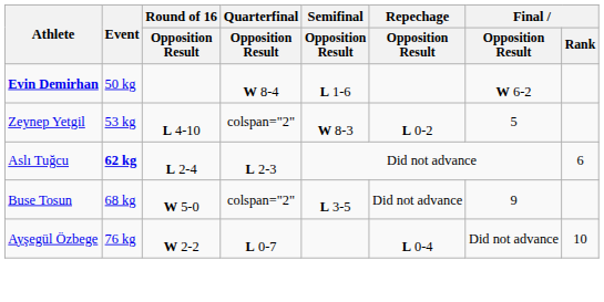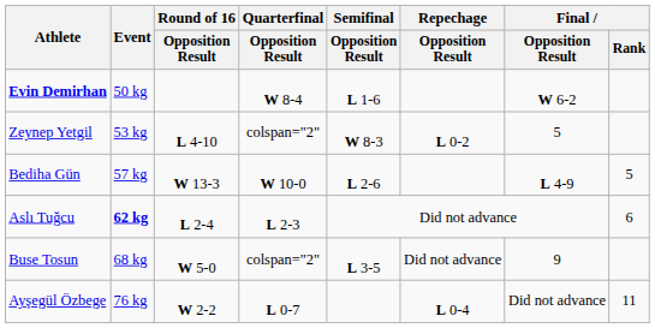 <table class="wikitable" style="font-size:90%">
 <tr>
 <th rowspan="2">Athlete</th>
 <th rowspan="2">Event</th>
 <th>Round of 16</th>
 <th>Quarterfinal</th>
 <th>Semifinal</th>
 <th>Repechage</th>
 <th colspan=2>Final / </th>
 </tr>
 <tr style="font-size: 95%">
 <th>Opposition<br>Result</th>
 <th>Opposition<br>Result</th>
 <th>Opposition<br>Result</th>
 <th>Opposition<br>Result</th>
 <th>Opposition<br>Result</th>
 <th>Rank</th>
 </tr>
 <tr align=center>
 <td align=left><strong><a href='#'>Evin Demirhan</a></strong></td>
 <td align=left><a href='#'>50 kg</a></td>
 <td></td>
 <td><br><strong>W</strong> 8-4</td>
 <td><br><strong>L</strong> 1-6</td>
 <td></td>
 <td><br><strong>W</strong> 6-2</td>
 <td></td>
 </tr>
 <tr align=center>
 <td align=left><a href='#'>Zeynep Yetgil</a></td>
 <td align=left><a href='#'>53 kg</a></td>
 <td><br><strong>L</strong> 4-10</td>
 <td>colspan="2" </td>
 <td><br><strong>W</strong> 8-3</td>
 <td><br><strong>L</strong> 0-2</td>
 <td>5</td>
 </tr>
 <tr align=center>
+<td align=left><a href='#'>Bediha Gün</a></td>
+<td align=left><a href='#'>57 kg</a></td>
+<td><br><strong>W</strong> 13-3</td>
+<td><br><strong>W</strong> 10-0</td>
+<td><br><strong>L</strong> 2-6</td>
+<td></td>
+<td><br><strong>L</strong> 4-9</td>
+<td>5</td>
+</tr>
+<tr align=center>
 <td align=left><a href='#'>Aslı Tuğcu</a></td>
 <td align=left><strong><a href='#'>62 kg</a></strong></td>
 <td><br><strong>L</strong> 2-4</td>
 <td><br><strong>L</strong> 2-3</td>
 <td colspan="3">Did not advance</td>
 <td>6</td>
 </tr>
 <tr align=center>
 <td align=left><a href='#'>Buse Tosun</a></td>
 <td align=left><a href='#'>68 kg</a></td>
 <td><br><strong>W</strong> 5-0</td>
 <td>colspan="2" </td>
 <td><br><strong>L</strong> 3-5</td>
 <td>Did not advance</td>
 <td>9</td>
 </tr>
 <tr align=center>
 <td align=left><a href='#'>Ayşegül Özbege</a></td>
 <td align=left><a href='#'>76 kg</a></td>
 <td><br><strong>W</strong> 2-2</td>
 <td><br><strong>L</strong> 0-7</td>
 <td></td>
 <td><br><strong>L</strong> 0-4</td>
 <td>Did not advance</td>
-<td>10</td>
+<td>11</td>
 </tr>
 </table>
